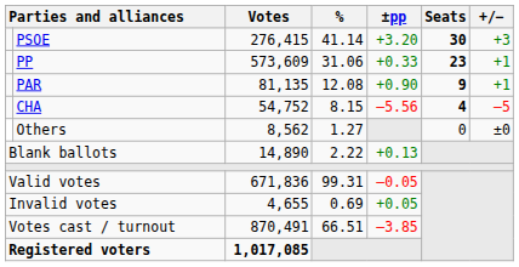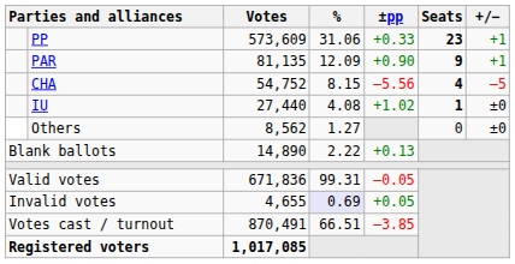 <table class="wikitable" style="text-align:right;">
 <tr>
 <th style="text-align:left;" colspan="2" width="200">Parties and alliances</th>
 <th width="75">Votes</th>
 <th width="45">%</th>
 <th width="45">±<a href='#'>pp</a></th>
 <th width="35">Seats</th>
 <th width="35">+/−</th>
-</tr>
-<tr>
-<td width="1" style="color:inherit;background:"></td>
-<td align="left"><a href='#'>PSOE</a></td>
-<td>276,415</td>
-<td>41.14</td>
-<td style="color:green;">+3.20</td>
-<td><strong>30</strong></td>
-<td style="color:green;">+3</td>
 </tr>
 <tr>
 <td style="color:inherit;background:"></td>
 <td align="left"><a href='#'>PP</a></td>
 <td>573,609</td>
 <td>31.06</td>
 <td style="color:green;">+0.33</td>
 <td><strong>23</strong></td>
 <td style="color:green;">+1</td>
 </tr>
 <tr>
 <td style="color:inherit;background:"></td>
 <td align="left"><a href='#'>PAR</a></td>
 <td>81,135</td>
-<td>12.08</td>
+<td>12.09</td>
 <td style="color:green;">+0.90</td>
 <td><strong>9</strong></td>
 <td style="color:green;">+1</td>
 </tr>
 <tr>
 <td style="color:inherit;background:"></td>
 <td align="left"><a href='#'>CHA</a></td>
 <td>54,752</td>
 <td>8.15</td>
 <td style="color:red;">–5.56</td>
 <td><strong>4</strong></td>
 <td style="color:red;">–5</td>
+</tr>
+<tr>
+<td style="color:inherit;background:"></td>
+<td align="left"><a href='#'>IU</a></td>
+<td>27,440</td>
+<td>4.08</td>
+<td style="color:green;">+1.02</td>
+<td><strong>1</strong></td>
+<td>±0</td>
 </tr>
 <tr>
 <td bgcolor="white"></td>
 <td align="left">Others</td>
 <td>8,562</td>
 <td>1.27</td>
 <td bgcolor="#E9E9E9"></td>
 <td>0</td>
 <td>±0</td>
 </tr>
 <tr>
 <td align="left" colspan="2">Blank ballots</td>
 <td>14,890</td>
 <td>2.22</td>
 <td style="color:green;">+0.13</td>
 <td bgcolor="#E9E9E9" colspan="2"></td>
 </tr>
 <tr>
 <td colspan="7" bgcolor="#E9E9E9"></td>
 </tr>
 <tr>
 <td align="left" colspan="2">Valid votes</td>
 <td>671,836</td>
 <td>99.31</td>
 <td style="color:red;">–0.05</td>
 <td bgcolor="#E9E9E9" colspan="2" rowspan="4"></td>
 </tr>
 <tr>
 <td align="left" colspan="2">Invalid votes</td>
 <td>4,655</td>
-<td>0.69</td>
+<td style="background: lavender;">0.69</td>
 <td style="color:green;">+0.05</td>
 </tr>
 <tr>
 <td align="left" colspan="2">Votes cast / turnout</td>
 <td>870,491</td>
 <td>66.51</td>
 <td style="color:red;">–3.85</td>
 </tr>
 <tr style="font-weight:bold;">
 <td align="left" colspan="2">Registered voters</td>
 <td>1,017,085</td>
 <td bgcolor="#E9E9E9" colspan="2"></td>
 </tr>
 </table>
